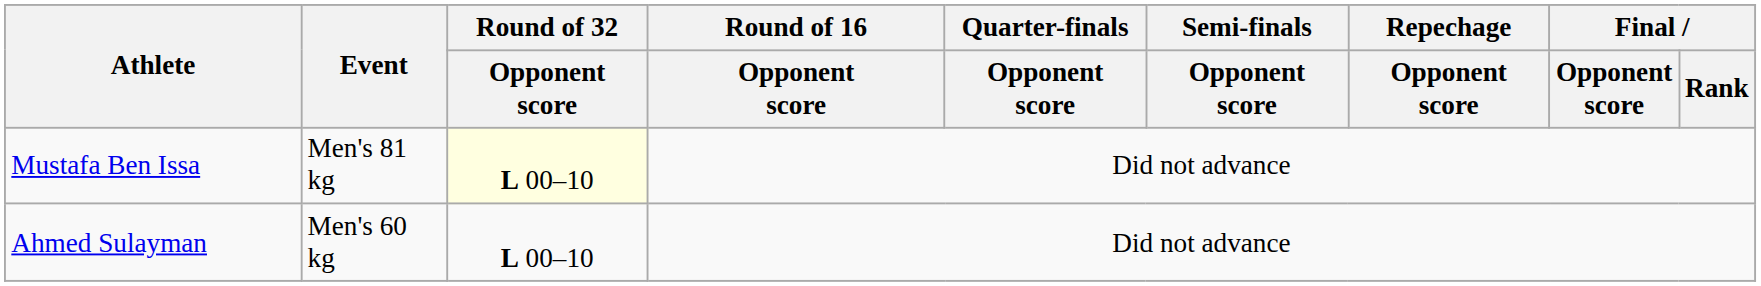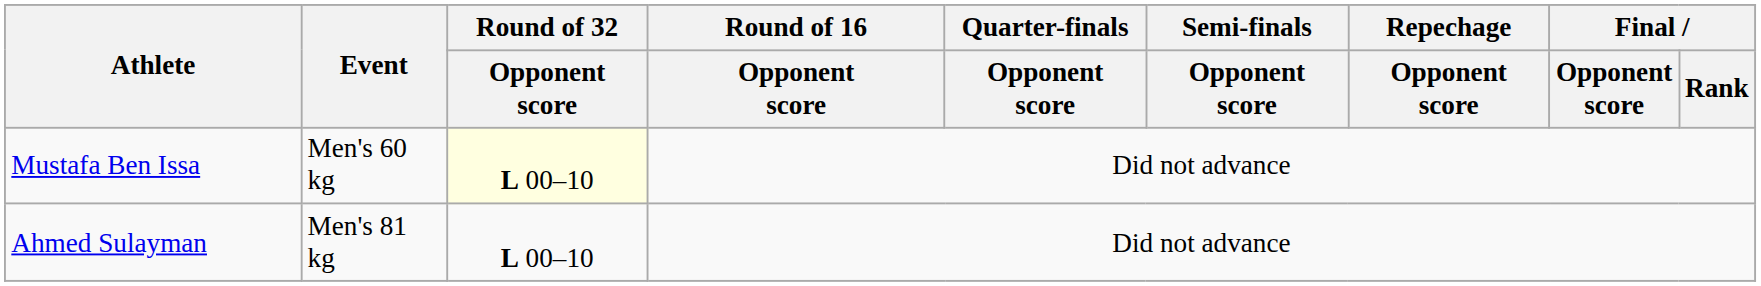 <table class="wikitable" style="font-size:90%; text-align:center">
 <tr>
 <th rowspan="2" width="150">Athlete</th>
 <th rowspan="2" width="70">Event</th>
 <th width="100">Round of 32</th>
 <th width="150">Round of 16</th>
 <th width="100">Quarter-finals</th>
 <th width="100">Semi-finals</th>
 <th width="100">Repechage</th>
 <th colspan="2" width="100">Final / </th>
 </tr>
 <tr>
 <th>Opponent<br>score</th>
 <th>Opponent<br>score</th>
 <th>Opponent<br>score</th>
 <th>Opponent<br>score</th>
 <th>Opponent<br>score</th>
 <th>Opponent<br>score</th>
 <th>Rank</th>
 </tr>
 <tr>
 <td align="left"><a href='#'>Mustafa Ben Issa</a></td>
-<td align="left">Men's 81 kg</td>
+<td align="left">Men's 60 kg</td>
 <td style="background: lightyellow;"><br><strong>L</strong> 00–10</td>
 <td colspan=7>Did not advance</td>
 </tr>
 <tr>
 <td align="left"><a href='#'>Ahmed Sulayman</a></td>
-<td align="left">Men's 60 kg</td>
+<td align="left">Men's 81 kg</td>
 <td><br><strong>L</strong> 00–10</td>
 <td colspan=7>Did not advance</td>
 </tr>
 </table>
